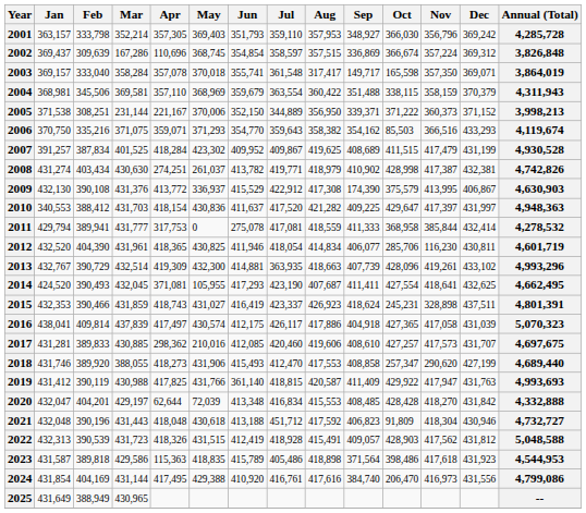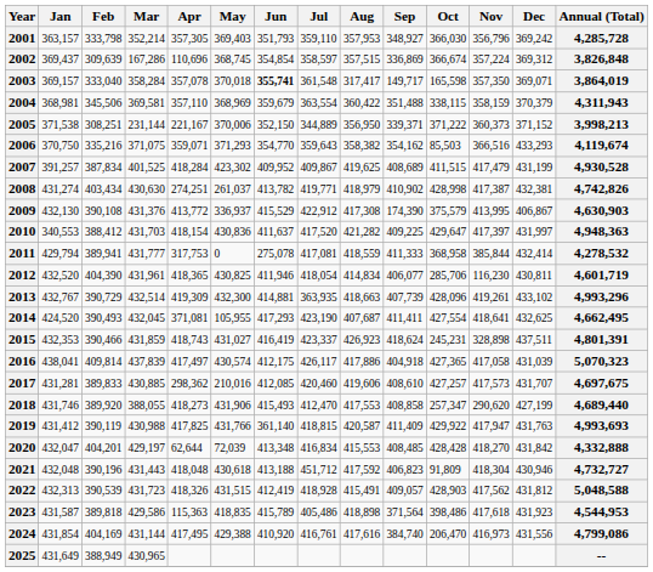 <table class="wikitable">
 <tr>
 <th>Year</th>
 <th>Jan</th>
 <th>Feb</th>
 <th>Mar</th>
 <th>Apr</th>
 <th>May</th>
 <th>Jun</th>
 <th>Jul</th>
 <th>Aug</th>
 <th>Sep</th>
 <th>Oct</th>
 <th>Nov</th>
 <th>Dec</th>
 <th>Annual (Total)</th>
 </tr>
 <tr>
 <th>2001</th>
 <td><small>363,157</small></td>
 <td><small>333,798</small></td>
 <td><small>352,214</small></td>
 <td><small>357,305</small></td>
 <td><small>369,403</small></td>
 <td><small>351,793</small></td>
 <td><small>359,110</small></td>
 <td><small>357,953</small></td>
 <td><small>348,927</small></td>
 <td><small>366,030</small></td>
 <td><small>356,796</small></td>
 <td><small>369,242</small></td>
 <th>4,285,728</th>
 </tr>
 <tr>
 <th>2002</th>
 <td><small>369,437</small></td>
 <td><small>309,639</small></td>
 <td><small>167,286</small></td>
 <td><small>110,696</small></td>
 <td><small>368,745</small></td>
 <td><small>354,854</small></td>
 <td><small>358,597</small></td>
 <td><small>357,515</small></td>
 <td><small>336,869</small></td>
 <td><small>366,674</small></td>
 <td><small>357,224</small></td>
 <td><small>369,312</small></td>
 <th>3,826,848</th>
 </tr>
 <tr>
 <th>2003</th>
 <td><small>369,157</small></td>
 <td><small>333,040</small></td>
 <td><small>358,284</small></td>
 <td><small>357,078</small></td>
 <td><small>370,018</small></td>
-<td><small>355,741</small></td>
+<td><strong><small>355,741</small></strong></td>
 <td><small>361,548</small></td>
 <td><small>317,417</small></td>
 <td><small>149,717</small></td>
 <td><small>165,598</small></td>
 <td><small>357,350</small></td>
 <td><small>369,071</small></td>
 <th>3,864,019</th>
 </tr>
 <tr>
 <th>2004</th>
 <td><small>368,981</small></td>
 <td><small>345,506</small></td>
 <td><small>369,581</small></td>
 <td><small>357,110</small></td>
 <td><small>368,969</small></td>
 <td><small>359,679</small></td>
 <td><small>363,554</small></td>
 <td><small>360,422</small></td>
 <td><small>351,488</small></td>
 <td><small>338,115</small></td>
 <td><small>358,159</small></td>
 <td><small>370,379</small></td>
 <th>4,311,943</th>
 </tr>
 <tr>
 <th>2005</th>
 <td><small>371,538</small></td>
 <td><small>308,251</small></td>
 <td><small>231,144</small></td>
 <td><small>221,167</small></td>
 <td><small>370,006</small></td>
 <td><small>352,150</small></td>
 <td><small>344,889</small></td>
 <td><small>356,950</small></td>
 <td><small>339,371</small></td>
 <td><small>371,222</small></td>
 <td><small>360,373</small></td>
 <td><small>371,152</small></td>
 <th>3,998,213</th>
 </tr>
 <tr>
 <th>2006</th>
 <td><small>370,750</small></td>
 <td><small>335,216</small></td>
 <td><small>371,075</small></td>
 <td><small>359,071</small></td>
 <td><small>371,293</small></td>
 <td><small>354,770</small></td>
 <td><small>359,643</small></td>
 <td><small>358,382</small></td>
 <td><small>354,162</small></td>
 <td><small>85,503</small></td>
 <td><small>366,516</small></td>
 <td><small>433,293</small></td>
 <th>4,119,674</th>
 </tr>
 <tr>
 <th>2007</th>
 <td><small>391,257</small></td>
 <td><small>387,834</small></td>
 <td><small>401,525</small></td>
 <td><small>418,284</small></td>
 <td><small>423,302</small></td>
 <td><small>409,952</small></td>
 <td><small>409,867</small></td>
 <td><small>419,625</small></td>
 <td><small>408,689</small></td>
 <td><small>411,515</small></td>
 <td><small>417,479</small></td>
 <td><small>431,199</small></td>
 <th>4,930,528</th>
 </tr>
 <tr>
 <th>2008</th>
 <td><small>431,274</small></td>
 <td><small>403,434</small></td>
 <td><small>430,630</small></td>
 <td><small>274,251</small></td>
 <td><small>261,037</small></td>
 <td><small>413,782</small></td>
 <td><small>419,771</small></td>
 <td><small>418,979</small></td>
 <td><small>410,902</small></td>
 <td><small>428,998</small></td>
 <td><small>417,387</small></td>
 <td><small>432,381</small></td>
 <th>4,742,826</th>
 </tr>
 <tr>
 <th>2009</th>
 <td><small>432,130</small></td>
 <td><small>390,108</small></td>
 <td><small>431,376</small></td>
 <td><small>413,772</small></td>
 <td><small>336,937</small></td>
 <td><small>415,529</small></td>
 <td><small>422,912</small></td>
 <td><small>417,308</small></td>
 <td><small>174,390</small></td>
 <td><small>375,579</small></td>
 <td><small>413,995</small></td>
 <td><small>406,867</small></td>
 <th>4,630,903</th>
 </tr>
 <tr>
 <th>2010</th>
 <td><small>340,553</small></td>
 <td><small>388,412</small></td>
 <td><small>431,703</small></td>
 <td><small>418,154</small></td>
 <td><small>430,836</small></td>
 <td><small>411,637</small></td>
 <td><small>417,520</small></td>
 <td><small>421,282</small></td>
 <td><small>409,225</small></td>
 <td><small>429,647</small></td>
 <td><small>417,397</small></td>
 <td><small>431,997</small></td>
 <th>4,948,363</th>
 </tr>
 <tr>
 <th>2011</th>
 <td><small>429,794</small></td>
 <td><small>389,941</small></td>
 <td><small>431,777</small></td>
 <td><small>317,753</small></td>
 <td><small>0</small></td>
 <td><small>275,078</small></td>
 <td><small>417,081</small></td>
 <td><small>418,559</small></td>
 <td><small>411,333</small></td>
 <td><small>368,958</small></td>
 <td><small>385,844</small></td>
 <td><small>432,414</small></td>
 <th>4,278,532</th>
 </tr>
 <tr>
 <th>2012</th>
 <td><small>432,520</small></td>
 <td><small>404,390</small></td>
 <td><small>431,961</small></td>
 <td><small>418,365</small></td>
 <td><small>430,825</small></td>
 <td><small>411,946</small></td>
 <td><small>418,054</small></td>
 <td><small>414,834</small></td>
 <td><small>406,077</small></td>
 <td><small>285,706</small></td>
 <td><small>116,230</small></td>
 <td><small>430,811</small></td>
 <th>4,601,719</th>
 </tr>
 <tr>
 <th>2013</th>
 <td><small>432,767</small></td>
 <td><small>390,729</small></td>
 <td><small>432,514</small></td>
 <td><small>419,309</small></td>
 <td><small>432,300</small></td>
 <td><small>414,881</small></td>
 <td><small>363,935</small></td>
 <td><small>418,663</small></td>
 <td><small>407,739</small></td>
 <td><small>428,096</small></td>
 <td><small>419,261</small></td>
 <td><small>433,102</small></td>
 <th>4,993,296</th>
 </tr>
 <tr>
 <th>2014</th>
 <td><small>424,520</small></td>
 <td><small>390,493</small></td>
 <td><small>432,045</small></td>
 <td><small>371,081</small></td>
 <td><small>105,955</small></td>
 <td><small>417,293</small></td>
 <td><small>423,190</small></td>
 <td><small>407,687</small></td>
 <td><small>411,411</small></td>
 <td><small>427,554</small></td>
 <td><small>418,641</small></td>
 <td><small>432,625</small></td>
 <th>4,662,495</th>
 </tr>
 <tr>
 <th>2015</th>
 <td><small>432,353</small></td>
 <td><small>390,466</small></td>
 <td><small>431,859</small></td>
 <td><small>418,743</small></td>
 <td><small>431,027</small></td>
 <td><small>416,419</small></td>
 <td><small>423,337</small></td>
 <td><small>426,923</small></td>
 <td><small>418,624</small></td>
 <td><small>245,231</small></td>
 <td><small>328,898</small></td>
 <td><small>437,511</small></td>
 <th>4,801,391</th>
 </tr>
 <tr>
 <th>2016</th>
 <td><small>438,041</small></td>
 <td><small>409,814</small></td>
 <td><small>437,839</small></td>
 <td><small>417,497</small></td>
 <td><small>430,574</small></td>
 <td><small>412,175</small></td>
 <td><small>426,117</small></td>
 <td><small>417,886</small></td>
 <td><small>404,918</small></td>
 <td><small>427,365</small></td>
 <td><small>417,058</small></td>
 <td><small>431,039</small></td>
 <th>5,070,323</th>
 </tr>
 <tr>
 <th>2017</th>
 <td><small>431,281</small></td>
 <td><small>389,833</small></td>
 <td><small>430,885</small></td>
 <td><small>298,362</small></td>
 <td><small>210,016</small></td>
 <td><small>412,085</small></td>
 <td><small>420,460</small></td>
 <td><small>419,606</small></td>
 <td><small>408,610</small></td>
 <td><small>427,257</small></td>
 <td><small>417,573</small></td>
 <td><small>431,707</small></td>
 <th>4,697,675</th>
 </tr>
 <tr>
 <th>2018</th>
 <td><small>431,746</small></td>
 <td><small>389,920</small></td>
 <td><small>388,055</small></td>
 <td><small>418,273</small></td>
 <td><small>431,906</small></td>
 <td><small>415,493</small></td>
 <td><small>412,470</small></td>
 <td><small>417,553</small></td>
 <td><small>408,858</small></td>
 <td><small>257,347</small></td>
 <td><small>290,620</small></td>
 <td><small>427,199</small></td>
 <th>4,689,440</th>
 </tr>
 <tr>
 <th>2019</th>
 <td><small>431,412</small></td>
 <td><small>390,119</small></td>
 <td><small>430,988</small></td>
 <td><small>417,825</small></td>
 <td><small>431,766</small></td>
 <td><small>361,140</small></td>
 <td><small>418,815</small></td>
 <td><small>420,587</small></td>
 <td><small>411,409</small></td>
 <td><small>429,922</small></td>
 <td><small>417,947</small></td>
 <td><small>431,763</small></td>
 <th>4,993,693</th>
 </tr>
 <tr>
 <th>2020</th>
 <td><small>432,047</small></td>
 <td><small>404,201</small></td>
 <td><small>429,197</small></td>
 <td><small>62,644</small></td>
 <td><small>72,039</small></td>
 <td><small>413,348</small></td>
 <td><small>416,834</small></td>
 <td><small>415,553</small></td>
 <td><small>408,485</small></td>
 <td><small>428,428</small></td>
 <td><small>418,270</small></td>
 <td><small>431,842</small></td>
 <th>4,332,888</th>
 </tr>
 <tr>
 <th>2021</th>
 <td><small>432,048</small></td>
 <td><small>390,196</small></td>
 <td><small>431,443</small></td>
 <td><small>418,048</small></td>
 <td><small>430,618</small></td>
 <td><small>413,188</small></td>
 <td><small>451,712</small></td>
 <td><small>417,592</small></td>
 <td><small>406,823</small></td>
 <td><small>91,809</small></td>
 <td><small>418,304</small></td>
 <td><small>430,946</small></td>
 <th>4,732,727</th>
 </tr>
 <tr>
 <th>2022</th>
 <td><small>432,313</small></td>
 <td><small>390,539</small></td>
 <td><small>431,723</small></td>
 <td><small>418,326</small></td>
 <td><small>431,515</small></td>
 <td><small>412,419</small></td>
 <td><small>418,928</small></td>
 <td><small>415,491</small></td>
 <td><small>409,057</small></td>
 <td><small>428,903</small></td>
 <td><small>417,562</small></td>
 <td><small>431,812</small></td>
 <th>5,048,588</th>
 </tr>
 <tr>
 <th>2023</th>
 <td><small>431,587</small></td>
 <td><small>389,818</small></td>
 <td><small>429,586</small></td>
 <td><small>115,363</small></td>
 <td><small>418,835</small></td>
 <td><small>415,789</small></td>
 <td><small>405,486</small></td>
 <td><small>418,898</small></td>
 <td><small>371,564</small></td>
 <td><small>398,486</small></td>
 <td><small>417,618</small></td>
 <td><small>431,923</small></td>
 <th>4,544,953</th>
 </tr>
 <tr>
 <th>2024</th>
 <td><small>431,854</small></td>
 <td><small>404,169</small></td>
 <td><small>431,144</small></td>
 <td><small>417,495</small></td>
 <td><small>429,388</small></td>
 <td><small>410,920</small></td>
 <td><small>416,761</small></td>
 <td><small>417,616</small></td>
 <td><small>384,740</small></td>
 <td><small>206,470</small></td>
 <td><small>416,973</small></td>
 <td><small>431,556</small></td>
 <th>4,799,086</th>
 </tr>
 <tr>
 <th>2025</th>
 <td><small>431,649</small></td>
 <td><small>388,949</small></td>
 <td><small>430,965</small></td>
 <td><small></small></td>
 <td><small></small></td>
 <td><small></small></td>
 <td><small></small></td>
 <td><small></small></td>
 <td><small></small></td>
 <td><small></small></td>
 <td><small></small></td>
 <td><small></small></td>
 <th>--</th>
 </tr>
 <tr>
 </tr>
 </table>
